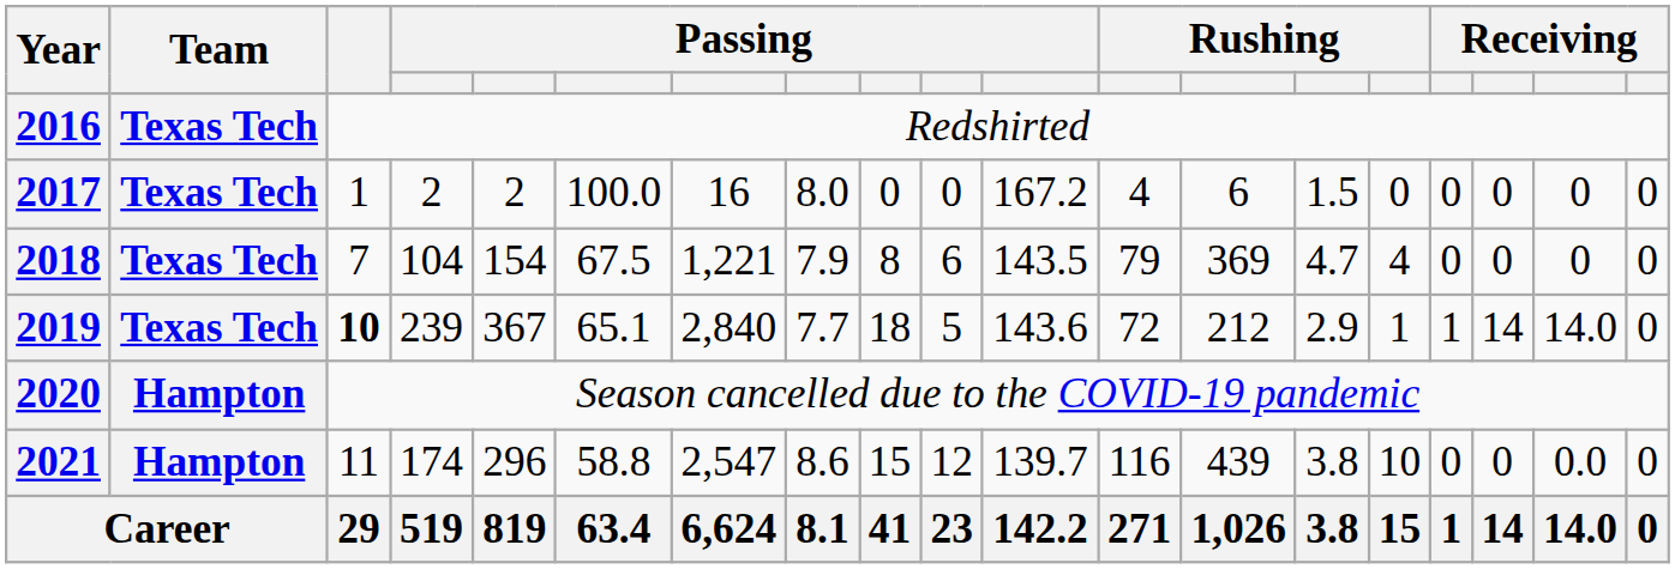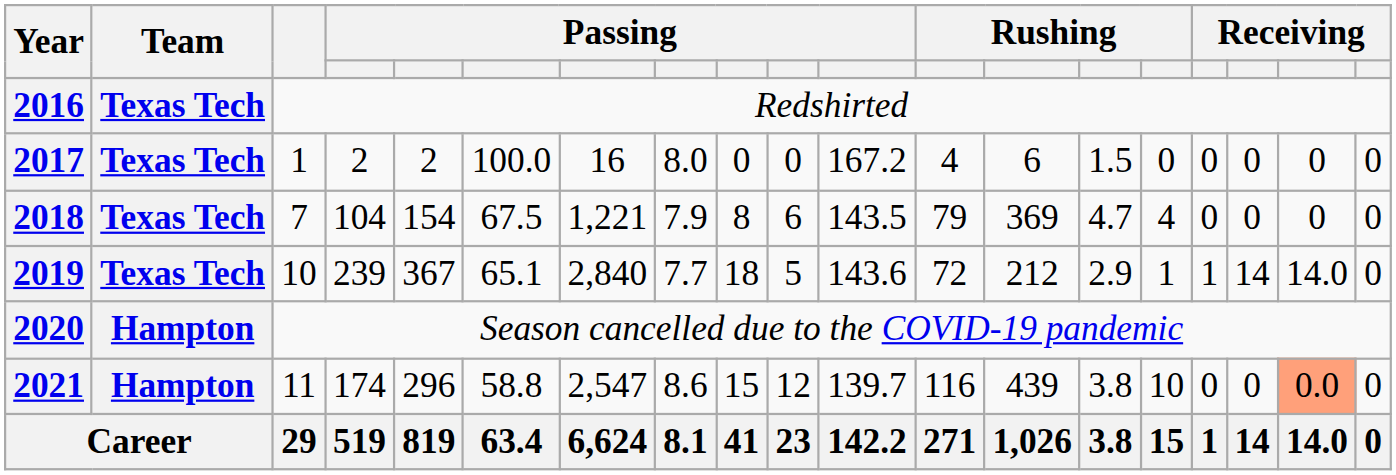 <table class="wikitable" style="text-align:center;">
 <tr>
 <th rowspan="2">Year</th>
 <th rowspan="2">Team</th>
 <th rowspan="2"></th>
 <th colspan="8">Passing</th>
 <th colspan="4">Rushing</th>
 <th colspan="4">Receiving</th>
 </tr>
 <tr>
 <th></th>
 <th></th>
 <th></th>
 <th></th>
 <th></th>
 <th></th>
 <th></th>
 <th></th>
 <th></th>
 <th></th>
 <th></th>
 <th></th>
 <th></th>
 <th></th>
 <th></th>
 <th></th>
 </tr>
 <tr>
 <th><a href='#'>2016</a></th>
 <th><a href='#'>Texas Tech</a></th>
 <td colspan=17><em> Redshirted</em></td>
 </tr>
 <tr>
 <th><a href='#'>2017</a></th>
 <th><a href='#'>Texas Tech</a></th>
 <td>1</td>
 <td>2</td>
 <td>2</td>
 <td>100.0</td>
 <td>16</td>
 <td>8.0</td>
 <td>0</td>
 <td>0</td>
 <td>167.2</td>
 <td>4</td>
 <td>6</td>
 <td>1.5</td>
 <td>0</td>
 <td>0</td>
 <td>0</td>
 <td>0</td>
 <td>0</td>
 </tr>
 <tr>
 <th><a href='#'>2018</a></th>
 <th><a href='#'>Texas Tech</a></th>
 <td>7</td>
 <td>104</td>
 <td>154</td>
 <td>67.5</td>
 <td>1,221</td>
 <td>7.9</td>
 <td>8</td>
 <td>6</td>
 <td>143.5</td>
 <td>79</td>
 <td>369</td>
 <td>4.7</td>
 <td>4</td>
 <td>0</td>
 <td>0</td>
 <td>0</td>
 <td>0</td>
 </tr>
 <tr>
 <th><a href='#'>2019</a></th>
 <th><a href='#'>Texas Tech</a></th>
-<td><strong>10</strong></td>
+<td>10</td>
 <td>239</td>
 <td>367</td>
 <td>65.1</td>
 <td>2,840</td>
 <td>7.7</td>
 <td>18</td>
 <td>5</td>
 <td>143.6</td>
 <td>72</td>
 <td>212</td>
 <td>2.9</td>
 <td>1</td>
 <td>1</td>
 <td>14</td>
 <td>14.0</td>
 <td>0</td>
 </tr>
 <tr>
 <th><a href='#'>2020</a></th>
 <th><a href='#'>Hampton</a></th>
 <td colspan=17><em>Season cancelled due to the <a href='#'>COVID-19 pandemic</a></em></td>
 </tr>
 <tr>
 <th><a href='#'>2021</a></th>
 <th><a href='#'>Hampton</a></th>
 <td>11</td>
 <td>174</td>
 <td>296</td>
 <td>58.8</td>
 <td>2,547</td>
 <td>8.6</td>
 <td>15</td>
 <td>12</td>
 <td>139.7</td>
 <td>116</td>
 <td>439</td>
 <td>3.8</td>
 <td>10</td>
 <td>0</td>
 <td>0</td>
-<td>0.0</td>
+<td style="background: lightsalmon;">0.0</td>
 <td>0</td>
 </tr>
 <tr class="sortbottom" style="background:#eee;">
 <th colspan=2><strong>Career</strong></th>
 <th>29</th>
 <th>519</th>
 <th>819</th>
 <th>63.4</th>
 <th>6,624</th>
 <th>8.1</th>
 <th>41</th>
 <th>23</th>
 <th>142.2</th>
 <th>271</th>
 <th>1,026</th>
 <th>3.8</th>
 <th>15</th>
 <th>1</th>
 <th>14</th>
 <th>14.0</th>
 <th>0</th>
 </tr>
 </table>
